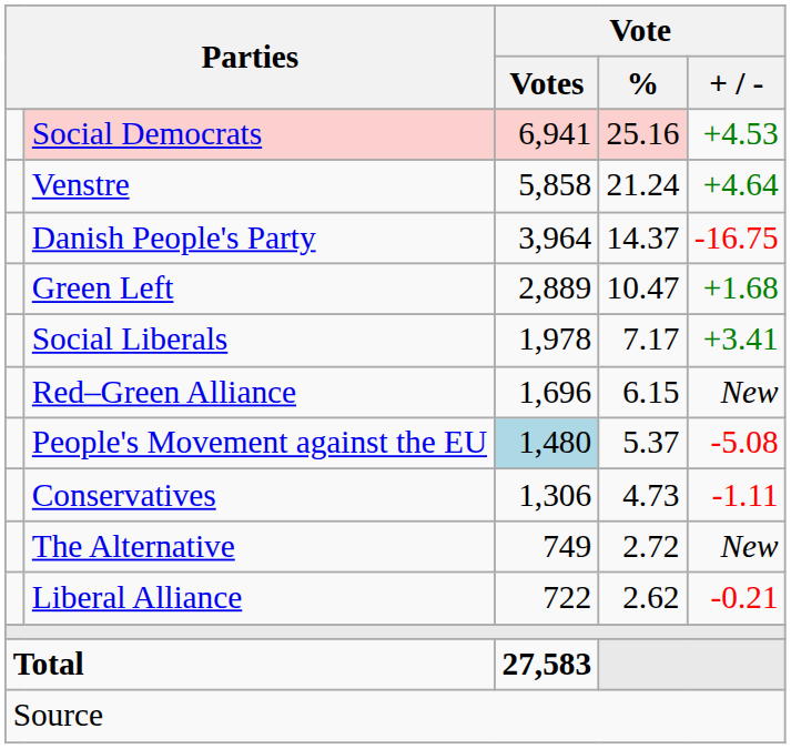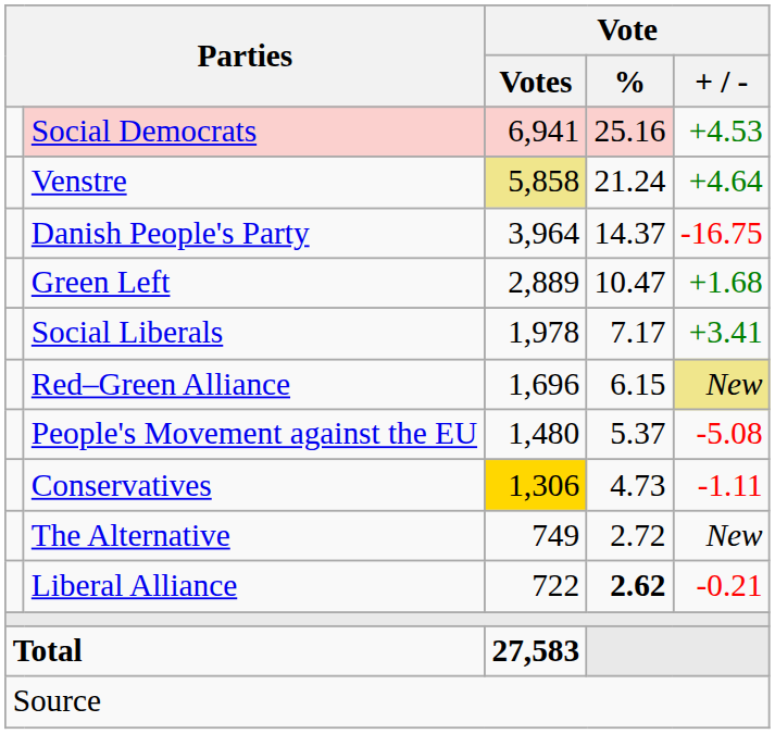 <table class="wikitable" style="text-align:right;">
 <tr>
 <th style="text-align:centre;" rowspan="2" colspan="2" width="225">Parties</th>
 <th colspan="3">Vote</th>
 </tr>
 <tr>
 <th width="15">Votes</th>
 <th width="15">%</th>
 <th width="15">+ / -</th>
 </tr>
 <tr>
 <td width="2" style="color:inherit;background:"></td>
 <td bgcolor=#fbd0ce   align="left"><a href='#'>Social Democrats</a></td>
 <td bgcolor=#fbd0ce>6,941</td>
 <td bgcolor=#fbd0ce>25.16</td>
 <td style=color:green;>+4.53</td>
 </tr>
 <tr>
 <td width="2" style="color:inherit;background:"></td>
 <td align="left"><a href='#'>Venstre</a></td>
-<td>5,858</td>
+<td style="background: khaki;">5,858</td>
 <td>21.24</td>
 <td style=color:green;>+4.64</td>
 </tr>
 <tr>
 <td width="2" style="color:inherit;background:"></td>
 <td align="left"><a href='#'>Danish People's Party</a></td>
 <td>3,964</td>
 <td>14.37</td>
 <td style=color:red;>-16.75</td>
 </tr>
 <tr>
 <td width="2" style="color:inherit;background:"></td>
 <td align="left"><a href='#'>Green Left</a></td>
 <td>2,889</td>
 <td>10.47</td>
 <td style=color:green;>+1.68</td>
 </tr>
 <tr>
 <td width="2" style="color:inherit;background:"></td>
 <td align="left"><a href='#'>Social Liberals</a></td>
 <td>1,978</td>
 <td>7.17</td>
 <td style=color:green;>+3.41</td>
 </tr>
 <tr>
 <td width="2" style="color:inherit;background:"></td>
 <td align="left"><a href='#'>Red–Green Alliance</a></td>
 <td>1,696</td>
 <td>6.15</td>
-<td><em>New</em></td>
+<td style="background: khaki;"><em>New</em></td>
 </tr>
 <tr>
 <td width="2" style="color:inherit;background:"></td>
 <td align="left"><a href='#'>People's Movement against the EU</a></td>
-<td style="background: lightblue;">1,480</td>
+<td>1,480</td>
 <td>5.37</td>
 <td style=color:red;>-5.08</td>
 </tr>
 <tr>
 <td width="2" style="color:inherit;background:"></td>
 <td align="left"><a href='#'>Conservatives</a></td>
-<td>1,306</td>
+<td style="background: gold;">1,306</td>
 <td>4.73</td>
 <td style=color:red;>-1.11</td>
 </tr>
 <tr>
 <td width="2" style="color:inherit;background:"></td>
 <td align="left"><a href='#'>The Alternative</a></td>
 <td>749</td>
 <td>2.72</td>
 <td><em>New</em></td>
 </tr>
 <tr>
 <td width="2" style="color:inherit;background:"></td>
 <td align="left"><a href='#'>Liberal Alliance</a></td>
 <td>722</td>
-<td>2.62</td>
+<td><strong>2.62</strong></td>
 <td style=color:red;>-0.21</td>
 </tr>
 <tr>
 <td colspan="7" bgcolor="#E9E9E9"></td>
 </tr>
 <tr>
 <td align="left" colspan="2"><strong>Total</strong></td>
 <td><strong>27,583</strong></td>
 <td bgcolor="#E9E9E9" colspan="2"></td>
 </tr>
 <tr>
 <td align="left" colspan="6">Source</td>
 </tr>
 </table>
